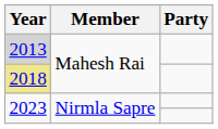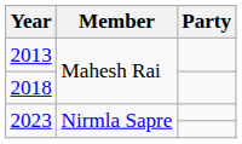 <table class="wikitable sortable">
 <tr>
 <th>Year</th>
 <th>Member</th>
 <th colspan=2>Party</th>
 </tr>
 <tr>
-<td style="background: lightgrey;"><a href='#'>2013</a></td>
+<td><a href='#'>2013</a></td>
 <td rowspan=2>Mahesh Rai</td>
 <td></td>
 </tr>
 <tr>
-<td style="background: khaki;"><a href='#'>2018</a></td>
+<td><a href='#'>2018</a></td>
 </tr>
 <tr>
 <td rowspan="2"><a href='#'>2023</a></td>
 <td rowspan="2"><a href='#'>Nirmla Sapre</a></td>
 <td></td>
 </tr>
 <tr>
 <td></td>
 </tr>
 </table>
